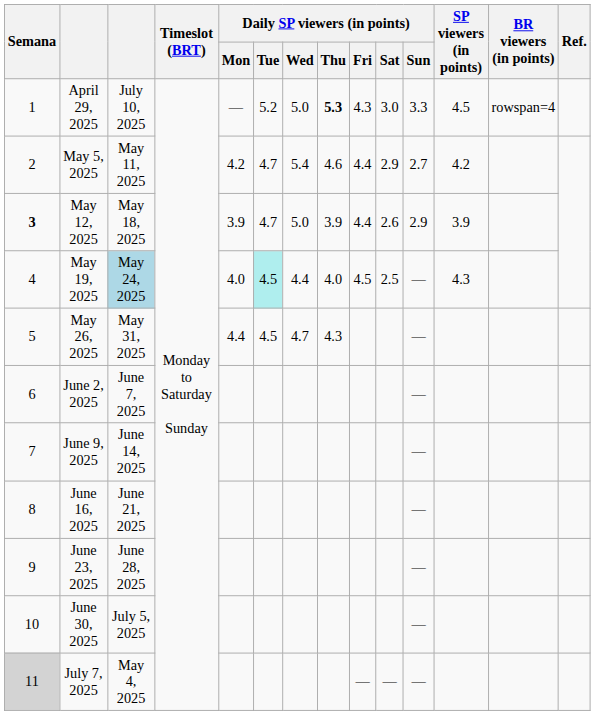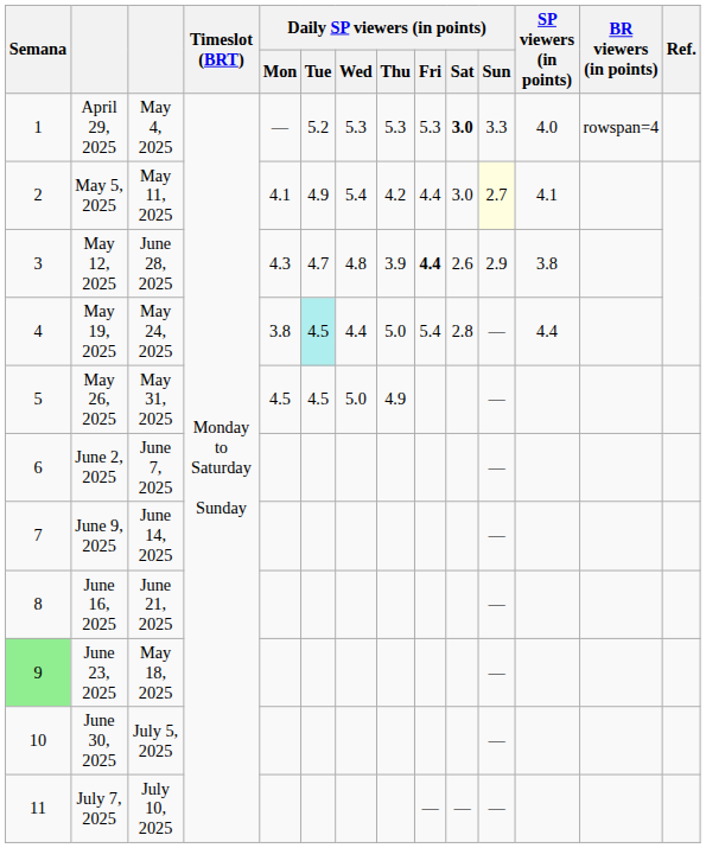 <table class="wikitable sortable" style="text-align:center; font-size:95%; width: 100%">
 <tr>
 <th rowspan=2 width="05.0%">Semana</th>
 <th rowspan=2 width="12.5%"></th>
 <th rowspan=2 width="12.5%"></th>
 <th rowspan=2 width="12.5%">Timeslot (<a href='#'>BRT</a>)</th>
 <th colspan=7 width="30.0%">Daily <a href='#'>SP</a> viewers (in points)</th>
 <th rowspan=2 width="10.0%"><a href='#'>SP</a> viewers<br>(in points)</th>
 <th rowspan=2 width="10.0%"><a href='#'>BR</a> viewers<br>(in points)</th>
 <th rowspan=2 width="05.0%">Ref.</th>
 </tr>
 <tr>
 <th width="05%">Mon</th>
 <th width="05%">Tue</th>
 <th width="05%">Wed</th>
 <th width="05%">Thu</th>
 <th width="05%">Fri</th>
 <th width="05%">Sat</th>
 <th width="05%">Sun</th>
 </tr>
 <tr>
 <td>1</td>
 <td>April 29, 2025</td>
-<td>July 10, 2025</td>
+<td>May 4, 2025</td>
 <td rowspan=11>Monday to Saturday<br><br>Sunday<br></td>
 <td>—</td>
 <td>5.2</td>
-<td>5.0</td>
-<td><strong>5.3</strong></td>
-<td>4.3</td>
-<td>3.0</td>
+<td>5.3</td>
+<td>5.3</td>
+<td>5.3</td>
+<td><strong>3.0</strong></td>
 <td>3.3</td>
-<td>4.5</td>
+<td>4.0</td>
 <td>rowspan=4 </td>
 <td></td>
 </tr>
 <tr>
 <td>2</td>
 <td>May 5, 2025</td>
 <td>May 11, 2025</td>
+<td>4.1</td>
+<td>4.9</td>
+<td>5.4</td>
 <td>4.2</td>
-<td>4.7</td>
-<td>5.4</td>
-<td>4.6</td>
 <td>4.4</td>
-<td>2.9</td>
-<td>2.7</td>
-<td>4.2</td>
+<td>3.0</td>
+<td style="background: lightyellow;">2.7</td>
+<td>4.1</td>
 <td></td>
 </tr>
 <tr>
-<td><strong>3</strong></td>
+<td>3</td>
 <td>May 12, 2025</td>
-<td>May 18, 2025</td>
+<td>June 28, 2025</td>
+<td>4.3</td>
+<td>4.7</td>
+<td>4.8</td>
 <td>3.9</td>
-<td>4.7</td>
-<td>5.0</td>
-<td>3.9</td>
-<td>4.4</td>
+<td><strong>4.4</strong></td>
 <td>2.6</td>
 <td>2.9</td>
-<td>3.9</td>
+<td>3.8</td>
 <td></td>
 </tr>
 <tr>
 <td>4</td>
 <td>May 19, 2025</td>
-<td style="background: lightblue;">May 24, 2025</td>
-<td>4.0</td>
+<td>May 24, 2025</td>
+<td>3.8</td>
 <td style="background: paleturquoise;">4.5</td>
 <td>4.4</td>
-<td>4.0</td>
-<td>4.5</td>
-<td>2.5</td>
+<td>5.0</td>
+<td>5.4</td>
+<td>2.8</td>
 <td>—</td>
-<td>4.3</td>
+<td>4.4</td>
 <td></td>
 </tr>
 <tr>
 <td>5</td>
 <td>May 26, 2025</td>
 <td>May 31, 2025</td>
-<td>4.4</td>
 <td>4.5</td>
-<td>4.7</td>
-<td>4.3</td>
+<td>4.5</td>
+<td>5.0</td>
+<td>4.9</td>
 <td></td>
 <td></td>
 <td>—</td>
 <td></td>
 <td></td>
 <td></td>
 </tr>
 <tr>
 <td>6</td>
 <td>June 2, 2025</td>
 <td>June 7, 2025</td>
 <td></td>
 <td></td>
 <td></td>
 <td></td>
 <td></td>
 <td></td>
 <td>—</td>
 <td></td>
 <td></td>
 <td></td>
 </tr>
 <tr>
 <td>7</td>
 <td>June 9, 2025</td>
 <td>June 14, 2025</td>
 <td></td>
 <td></td>
 <td></td>
 <td></td>
 <td></td>
 <td></td>
 <td>—</td>
 <td></td>
 <td></td>
 <td></td>
 </tr>
 <tr>
 <td>8</td>
 <td>June 16, 2025</td>
 <td>June 21, 2025</td>
 <td></td>
 <td></td>
 <td></td>
 <td></td>
 <td></td>
 <td></td>
 <td>—</td>
 <td></td>
 <td></td>
 <td></td>
 </tr>
 <tr>
-<td>9</td>
+<td style="background: lightgreen;">9</td>
 <td>June 23, 2025</td>
-<td>June 28, 2025</td>
+<td>May 18, 2025</td>
 <td></td>
 <td></td>
 <td></td>
 <td></td>
 <td></td>
 <td></td>
 <td>—</td>
 <td></td>
 <td></td>
 <td></td>
 </tr>
 <tr>
 <td>10</td>
 <td>June 30, 2025</td>
 <td>July 5, 2025</td>
 <td></td>
 <td></td>
 <td></td>
 <td></td>
 <td></td>
 <td></td>
 <td>—</td>
 <td></td>
 <td></td>
 <td></td>
 </tr>
 <tr>
-<td style="background: lightgrey;">11</td>
+<td>11</td>
 <td>July 7, 2025</td>
-<td>May 4, 2025</td>
+<td>July 10, 2025</td>
 <td></td>
 <td></td>
 <td></td>
 <td></td>
 <td>—</td>
 <td>—</td>
 <td>—</td>
 <td></td>
 <td></td>
 <td></td>
 </tr>
 </table>
